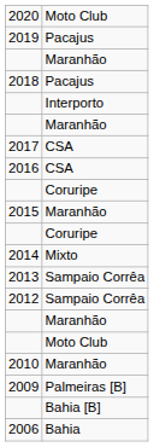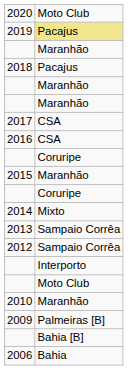 <table class="wikitable">
 <tr>
 <td>2020</td>
 <td>Moto Club</td>
 </tr>
 <tr>
 <td>2019</td>
-<td>Pacajus</td>
+<td style="background: khaki;">Pacajus</td>
 </tr>
 <tr>
 <td></td>
 <td>Maranhão</td>
 </tr>
 <tr>
 <td>2018</td>
 <td>Pacajus</td>
 </tr>
 <tr>
 <td></td>
-<td>Interporto</td>
+<td>Maranhão</td>
 </tr>
 <tr>
 <td></td>
 <td>Maranhão</td>
 </tr>
 <tr>
 <td>2017</td>
 <td>CSA</td>
 </tr>
 <tr>
 <td>2016</td>
 <td>CSA</td>
 </tr>
 <tr>
 <td></td>
 <td>Coruripe</td>
 </tr>
 <tr>
 <td>2015</td>
 <td>Maranhão</td>
 </tr>
 <tr>
 <td></td>
 <td>Coruripe</td>
 </tr>
 <tr>
 <td>2014</td>
 <td>Mixto</td>
 </tr>
 <tr>
 <td>2013</td>
 <td>Sampaio Corrêa</td>
 </tr>
 <tr>
 <td>2012</td>
 <td>Sampaio Corrêa</td>
 </tr>
 <tr>
 <td></td>
-<td>Maranhão</td>
+<td>Interporto</td>
 </tr>
 <tr>
 <td></td>
 <td>Moto Club</td>
 </tr>
 <tr>
 <td>2010</td>
 <td>Maranhão</td>
 </tr>
 <tr>
 <td>2009</td>
 <td>Palmeiras [B]</td>
 </tr>
 <tr>
 <td></td>
 <td>Bahia [B]</td>
 </tr>
 <tr>
 <td>2006</td>
 <td>Bahia</td>
 </tr>
 </table>
